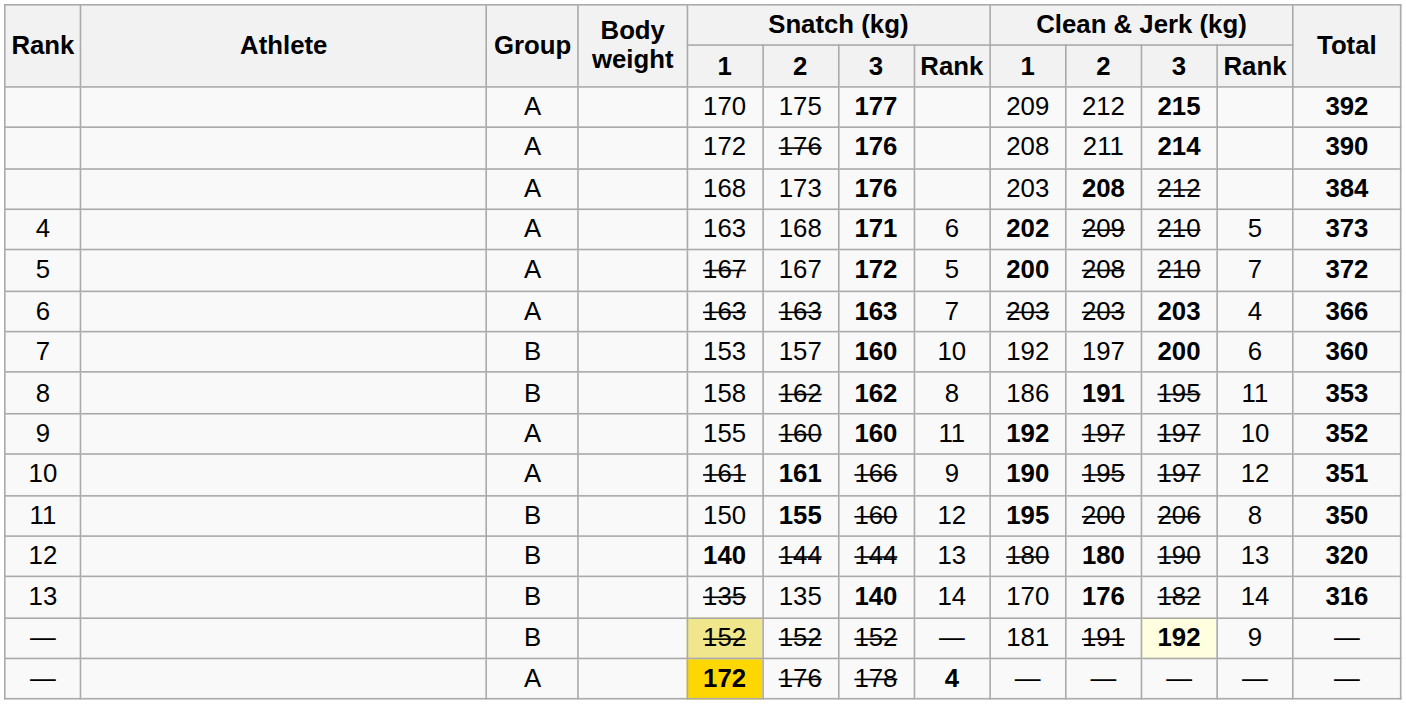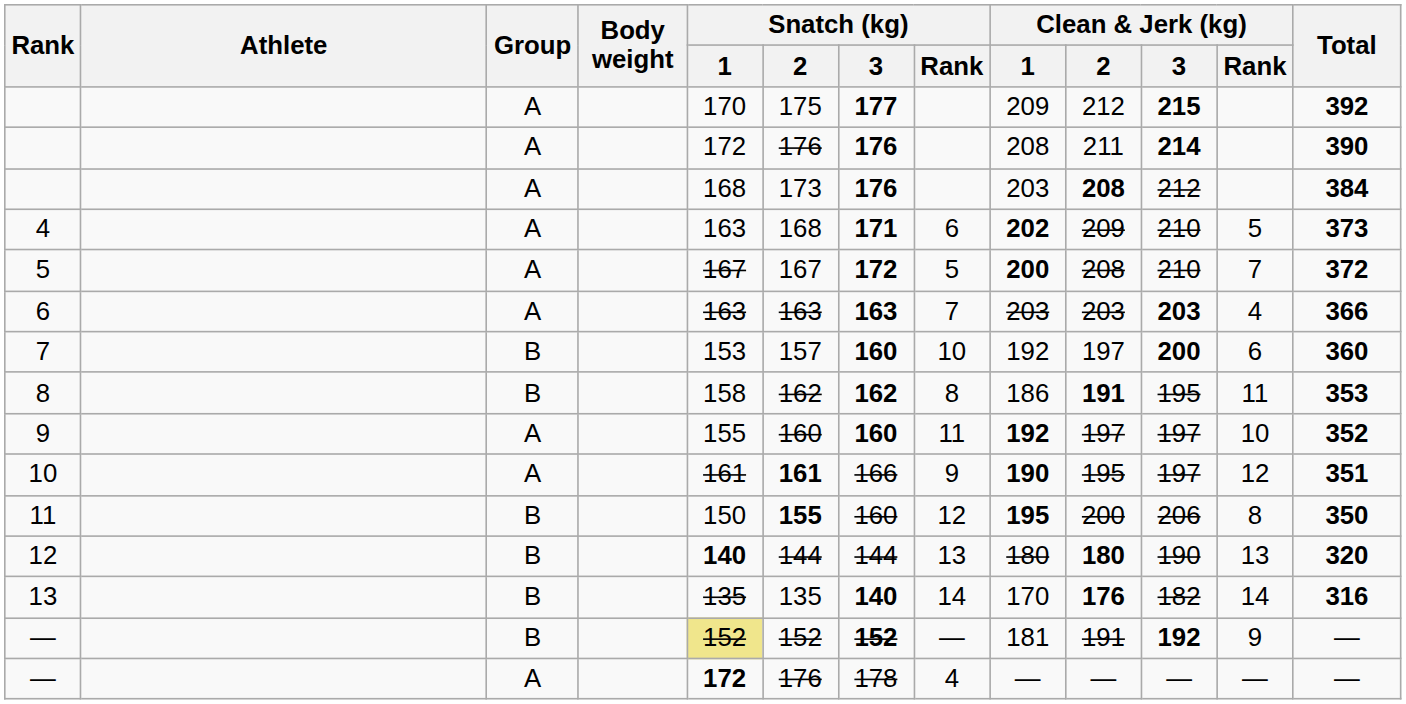 <table class = "wikitable" style="text-align:center;">
 <tr>
 <th rowspan=2 width=40>Rank</th>
 <th rowspan=2 width=250>Athlete</th>
 <th rowspan=2 width=50>Group</th>
 <th rowspan=2 width=60>Body weight</th>
 <th colspan=4>Snatch (kg)</th>
 <th colspan=4>Clean & Jerk (kg)</th>
 <th rowspan=2 width=60>Total</th>
 </tr>
 <tr>
 <th width=40>1</th>
 <th width=40>2</th>
 <th width=40>3</th>
 <th width=40>Rank</th>
 <th width=40>1</th>
 <th width=40>2</th>
 <th width=40>3</th>
 <th width=40>Rank</th>
 </tr>
 <tr>
 <td></td>
 <td align=left></td>
 <td>A</td>
 <td></td>
 <td>170</td>
 <td>175</td>
 <td><strong>177</strong></td>
 <td></td>
 <td>209</td>
 <td>212</td>
 <td><strong>215</strong></td>
 <td></td>
 <td><strong>392</strong></td>
 </tr>
 <tr>
 <td></td>
 <td align=left></td>
 <td>A</td>
 <td></td>
 <td>172</td>
 <td><s>176</s></td>
 <td><strong>176</strong></td>
 <td></td>
 <td>208</td>
 <td>211</td>
 <td><strong>214</strong></td>
 <td></td>
 <td><strong>390</strong></td>
 </tr>
 <tr>
 <td></td>
 <td align=left></td>
 <td>A</td>
 <td></td>
 <td>168</td>
 <td>173</td>
 <td><strong>176</strong></td>
 <td></td>
 <td>203</td>
 <td><strong>208</strong></td>
 <td><s>212</s></td>
 <td></td>
 <td><strong>384</strong></td>
 </tr>
 <tr>
 <td>4</td>
 <td align=left></td>
 <td>A</td>
 <td></td>
 <td>163</td>
 <td>168</td>
 <td><strong>171</strong></td>
 <td>6</td>
 <td><strong>202</strong></td>
 <td><s>209</s></td>
 <td><s>210</s></td>
 <td>5</td>
 <td><strong>373</strong></td>
 </tr>
 <tr>
 <td>5</td>
 <td align=left></td>
 <td>A</td>
 <td></td>
 <td><s>167</s></td>
 <td>167</td>
 <td><strong>172</strong></td>
 <td>5</td>
 <td><strong>200</strong></td>
 <td><s>208</s></td>
 <td><s>210</s></td>
 <td>7</td>
 <td><strong>372</strong></td>
 </tr>
 <tr>
 <td>6</td>
 <td align=left></td>
 <td>A</td>
 <td></td>
 <td><s>163</s></td>
 <td><s>163</s></td>
 <td><strong>163</strong></td>
 <td>7</td>
 <td><s>203</s></td>
 <td><s>203</s></td>
 <td><strong>203</strong></td>
 <td>4</td>
 <td><strong>366</strong></td>
 </tr>
 <tr>
 <td>7</td>
 <td align=left></td>
 <td>B</td>
 <td></td>
 <td>153</td>
 <td>157</td>
 <td><strong>160</strong></td>
 <td>10</td>
 <td>192</td>
 <td>197</td>
 <td><strong>200</strong></td>
 <td>6</td>
 <td><strong>360</strong></td>
 </tr>
 <tr>
 <td>8</td>
 <td align=left></td>
 <td>B</td>
 <td></td>
 <td>158</td>
 <td><s>162</s></td>
 <td><strong>162</strong></td>
 <td>8</td>
 <td>186</td>
 <td><strong>191</strong></td>
 <td><s>195</s></td>
 <td>11</td>
 <td><strong>353</strong></td>
 </tr>
 <tr>
 <td>9</td>
 <td align=left></td>
 <td>A</td>
 <td></td>
 <td>155</td>
 <td><s>160</s></td>
 <td><strong>160</strong></td>
 <td>11</td>
 <td><strong>192</strong></td>
 <td><s>197</s></td>
 <td><s>197</s></td>
 <td>10</td>
 <td><strong>352</strong></td>
 </tr>
 <tr>
 <td>10</td>
 <td align=left></td>
 <td>A</td>
 <td></td>
 <td><s>161</s></td>
 <td><strong>161</strong></td>
 <td><s>166</s></td>
 <td>9</td>
 <td><strong>190</strong></td>
 <td><s>195</s></td>
 <td><s>197</s></td>
 <td>12</td>
 <td><strong>351</strong></td>
 </tr>
 <tr>
 <td>11</td>
 <td align=left></td>
 <td>B</td>
 <td></td>
 <td>150</td>
 <td><strong>155</strong></td>
 <td><s>160</s></td>
 <td>12</td>
 <td><strong>195</strong></td>
 <td><s>200</s></td>
 <td><s>206</s></td>
 <td>8</td>
 <td><strong>350</strong></td>
 </tr>
 <tr>
 <td>12</td>
 <td align=left></td>
 <td>B</td>
 <td></td>
 <td><strong>140</strong></td>
 <td><s>144</s></td>
 <td><s>144</s></td>
 <td>13</td>
 <td><s>180</s></td>
 <td><strong>180</strong></td>
 <td><s>190</s></td>
 <td>13</td>
 <td><strong>320</strong></td>
 </tr>
 <tr>
 <td>13</td>
 <td align=left></td>
 <td>B</td>
 <td></td>
 <td><s>135</s></td>
 <td>135</td>
 <td><strong>140</strong></td>
 <td>14</td>
 <td>170</td>
 <td><strong>176</strong></td>
 <td><s>182</s></td>
 <td>14</td>
 <td><strong>316</strong></td>
 </tr>
 <tr>
 <td>—</td>
 <td align=left></td>
 <td>B</td>
 <td></td>
 <td style="background: khaki;"><s>152</s></td>
 <td><s>152</s></td>
-<td><s>152</s></td>
+<td><strong><s>152</s></strong></td>
 <td>—</td>
 <td>181</td>
 <td><s>191</s></td>
-<td style="background: lightyellow;"><strong>192</strong></td>
+<td><strong>192</strong></td>
 <td>9</td>
 <td>—</td>
 </tr>
 <tr>
 <td>—</td>
 <td align=left></td>
 <td>A</td>
 <td></td>
-<td style="background: gold;"><strong>172</strong></td>
+<td><strong>172</strong></td>
 <td><s>176</s></td>
 <td><s>178</s></td>
-<td><strong>4</strong></td>
+<td>4</td>
 <td>—</td>
 <td>—</td>
 <td>—</td>
 <td>—</td>
 <td>—</td>
 </tr>
 </table>
